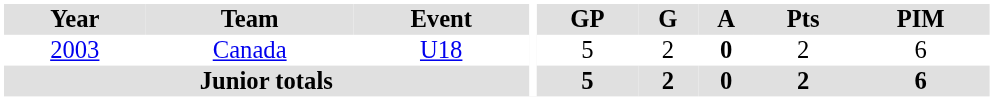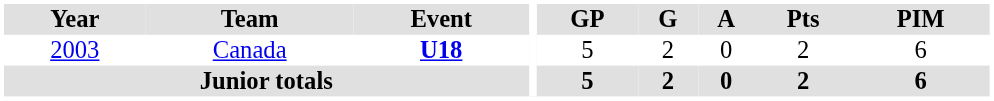 <table border="0" cellpadding="1" cellspacing="0" ID="Table3" style="text-align:center; width:40em">
 <tr ALIGN="center" bgcolor="#e0e0e0">
 <th>Year</th>
 <th>Team</th>
 <th>Event</th>
 <th rowspan="99" bgcolor="#ffffff"></th>
 <th>GP</th>
 <th>G</th>
 <th>A</th>
 <th>Pts</th>
 <th>PIM</th>
 </tr>
 <tr>
 <td><a href='#'>2003</a></td>
 <td><a href='#'>Canada</a></td>
-<td><a href='#'>U18</a></td>
+<td><strong><a href='#'>U18</a></strong></td>
 <td>5</td>
 <td>2</td>
-<td><strong>0</strong></td>
+<td>0</td>
 <td>2</td>
 <td>6</td>
 </tr>
 <tr bgcolor="#e0e0e0">
 <th colspan="3">Junior totals</th>
 <th>5</th>
 <th>2</th>
 <th>0</th>
 <th>2</th>
 <th>6</th>
 </tr>
 </table>
